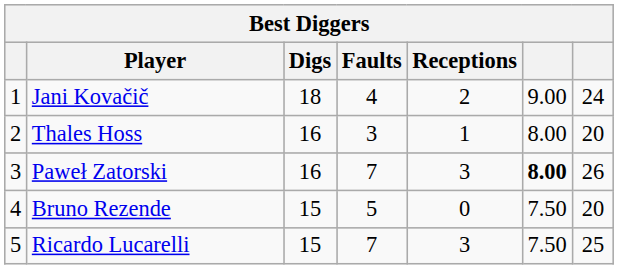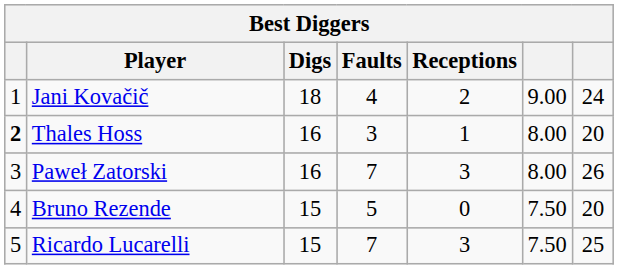 <table class="wikitable sortable" style=font-size:90%>
 <tr>
 <th colspan=7>Best Diggers</th>
 </tr>
 <tr>
 <th></th>
 <th width=158>Player</th>
 <th width=20>Digs</th>
 <th width=20>Faults</th>
 <th width=20>Receptions</th>
 <th width=20></th>
 <th width=20></th>
 </tr>
 <tr>
 <td>1</td>
 <td> <a href='#'>Jani Kovačič</a></td>
 <td align=center>18</td>
 <td align=center>4</td>
 <td align=center>2</td>
 <td align=center>9.00</td>
 <td align=center>24</td>
 </tr>
 <tr>
-<td>2</td>
+<td><strong>2</strong></td>
 <td> <a href='#'>Thales Hoss</a></td>
 <td align=center>16</td>
 <td align=center>3</td>
 <td align=center>1</td>
 <td align=center>8.00</td>
 <td align=center>20</td>
 </tr>
 <tr>
 <td>3</td>
 <td> <a href='#'>Paweł Zatorski</a></td>
 <td align=center>16</td>
 <td align=center>7</td>
 <td align=center>3</td>
-<td align=center><strong>8.00</strong></td>
+<td align=center>8.00</td>
 <td align=center>26</td>
 </tr>
 <tr>
 <td>4</td>
 <td> <a href='#'>Bruno Rezende</a></td>
 <td align=center>15</td>
 <td align=center>5</td>
 <td align=center>0</td>
 <td align=center>7.50</td>
 <td align=center>20</td>
 </tr>
 <tr>
 <td>5</td>
 <td> <a href='#'>Ricardo Lucarelli</a></td>
 <td align=center>15</td>
 <td align=center>7</td>
 <td align=center>3</td>
 <td align=center>7.50</td>
 <td align=center>25</td>
 </tr>
 </table>
